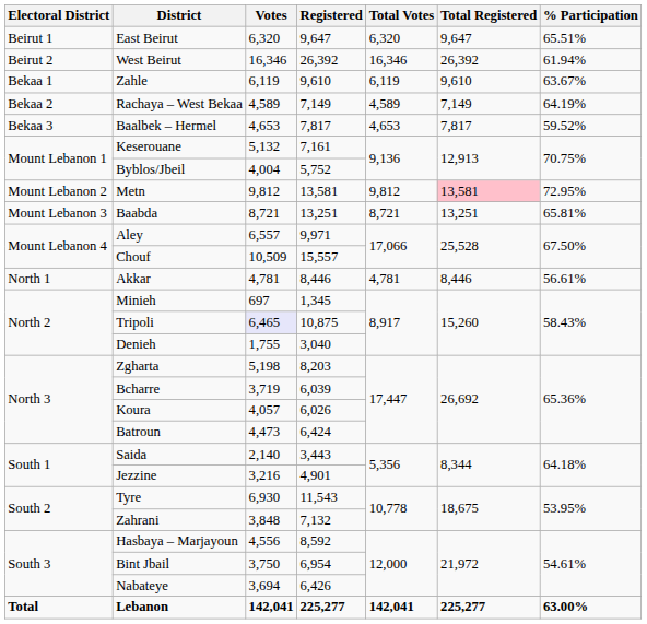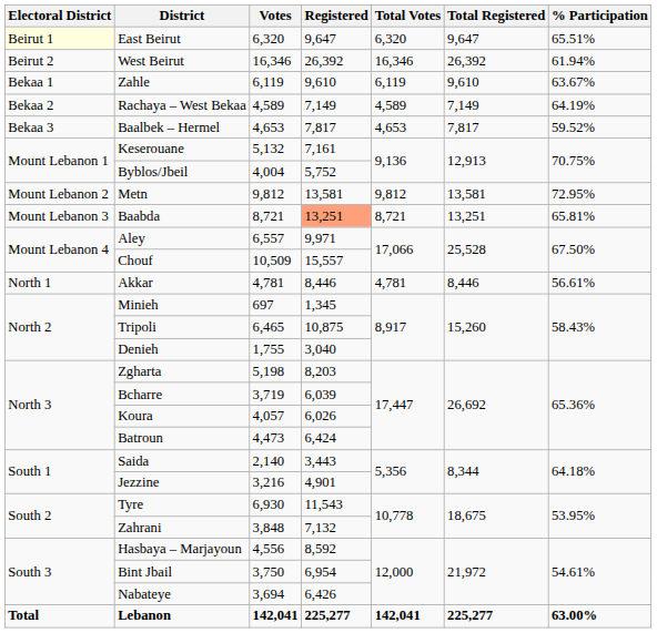 <table class="wikitable sortable">
 <tr>
 <th>Electoral District</th>
 <th>District</th>
 <th>Votes</th>
 <th>Registered</th>
 <th>Total Votes</th>
 <th>Total Registered</th>
 <th>% Participation</th>
 </tr>
 <tr>
-<td>Beirut 1</td>
+<td style="background: lightyellow;">Beirut 1</td>
 <td>East Beirut</td>
 <td>6,320</td>
 <td>9,647</td>
 <td>6,320</td>
 <td>9,647</td>
 <td>65.51%</td>
 </tr>
 <tr>
 <td>Beirut 2</td>
 <td>West Beirut</td>
 <td>16,346</td>
 <td>26,392</td>
 <td>16,346</td>
 <td>26,392</td>
 <td>61.94%</td>
 </tr>
 <tr>
 <td>Bekaa 1</td>
 <td>Zahle</td>
 <td>6,119</td>
 <td>9,610</td>
 <td>6,119</td>
 <td>9,610</td>
 <td>63.67%</td>
 </tr>
 <tr>
 <td>Bekaa 2</td>
 <td>Rachaya – West Bekaa</td>
 <td>4,589</td>
 <td>7,149</td>
 <td>4,589</td>
 <td>7,149</td>
 <td>64.19%</td>
 </tr>
 <tr>
 <td>Bekaa 3</td>
 <td>Baalbek – Hermel</td>
 <td>4,653</td>
 <td>7,817</td>
 <td>4,653</td>
 <td>7,817</td>
 <td>59.52%</td>
 </tr>
 <tr>
 <td rowspan="2">Mount Lebanon 1</td>
 <td>Keserouane</td>
 <td>5,132</td>
 <td>7,161</td>
 <td rowspan="2">9,136</td>
 <td rowspan="2">12,913</td>
 <td rowspan="2">70.75%</td>
 </tr>
 <tr>
 <td>Byblos/Jbeil</td>
 <td>4,004</td>
 <td>5,752</td>
 </tr>
 <tr>
 <td>Mount Lebanon 2</td>
 <td>Metn</td>
 <td>9,812</td>
 <td>13,581</td>
 <td>9,812</td>
-<td style="background: pink;">13,581</td>
+<td>13,581</td>
 <td>72.95%</td>
 </tr>
 <tr>
 <td>Mount Lebanon 3</td>
 <td>Baabda</td>
 <td>8,721</td>
-<td>13,251</td>
+<td style="background: lightsalmon;">13,251</td>
 <td>8,721</td>
 <td>13,251</td>
 <td>65.81%</td>
 </tr>
 <tr>
 <td rowspan="2">Mount Lebanon 4</td>
 <td>Aley</td>
 <td>6,557</td>
 <td>9,971</td>
 <td rowspan="2">17,066</td>
 <td rowspan="2">25,528</td>
 <td rowspan="2">67.50%</td>
 </tr>
 <tr>
 <td>Chouf</td>
 <td>10,509</td>
 <td>15,557</td>
 </tr>
 <tr>
 <td>North 1</td>
 <td>Akkar</td>
 <td>4,781</td>
 <td>8,446</td>
 <td>4,781</td>
 <td>8,446</td>
 <td>56.61%</td>
 </tr>
 <tr>
 <td rowspan="3">North 2</td>
 <td>Minieh</td>
 <td>697</td>
 <td>1,345</td>
 <td rowspan="3">8,917</td>
 <td rowspan="3">15,260</td>
 <td rowspan="3">58.43%</td>
 </tr>
 <tr>
 <td>Tripoli</td>
-<td style="background: lavender;">6,465</td>
+<td>6,465</td>
 <td>10,875</td>
 </tr>
 <tr>
 <td>Denieh</td>
 <td>1,755</td>
 <td>3,040</td>
 </tr>
 <tr>
 <td rowspan="4">North 3</td>
 <td>Zgharta</td>
 <td>5,198</td>
 <td>8,203</td>
 <td rowspan="4">17,447</td>
 <td rowspan="4">26,692</td>
 <td rowspan="4">65.36%</td>
 </tr>
 <tr>
 <td>Bcharre</td>
 <td>3,719</td>
 <td>6,039</td>
 </tr>
 <tr>
 <td>Koura</td>
 <td>4,057</td>
 <td>6,026</td>
 </tr>
 <tr>
 <td>Batroun</td>
 <td>4,473</td>
 <td>6,424</td>
 </tr>
 <tr>
 <td rowspan="2">South 1</td>
 <td>Saida</td>
 <td>2,140</td>
 <td>3,443</td>
 <td rowspan="2">5,356</td>
 <td rowspan="2">8,344</td>
 <td rowspan="2">64.18%</td>
 </tr>
 <tr>
 <td>Jezzine</td>
 <td>3,216</td>
 <td>4,901</td>
 </tr>
 <tr>
 <td rowspan="2">South 2</td>
 <td>Tyre</td>
 <td>6,930</td>
 <td>11,543</td>
 <td rowspan="2">10,778</td>
 <td rowspan="2">18,675</td>
 <td rowspan="2">53.95%</td>
 </tr>
 <tr>
 <td>Zahrani</td>
 <td>3,848</td>
 <td>7,132</td>
 </tr>
 <tr>
 <td rowspan="3">South 3</td>
 <td>Hasbaya – Marjayoun</td>
 <td>4,556</td>
 <td>8,592</td>
 <td rowspan="3">12,000</td>
 <td rowspan="3">21,972</td>
 <td rowspan="3">54.61%</td>
 </tr>
 <tr>
 <td>Bint Jbail</td>
 <td>3,750</td>
 <td>6,954</td>
 </tr>
 <tr>
 <td>Nabateye</td>
 <td>3,694</td>
 <td>6,426</td>
 </tr>
 <tr>
 <td><strong>Total</strong></td>
 <td><strong>Lebanon</strong></td>
 <td><strong>142,041</strong></td>
 <td><strong>225,277</strong></td>
 <td><strong>142,041</strong></td>
 <td><strong>225,277</strong></td>
 <td><strong>63.00%</strong></td>
 </tr>
 </table>
